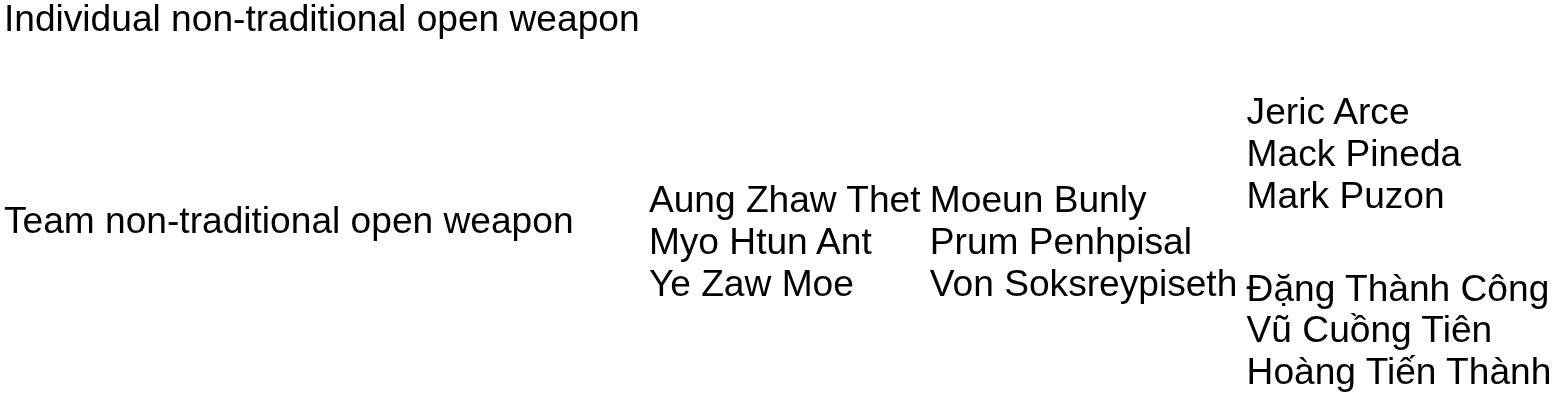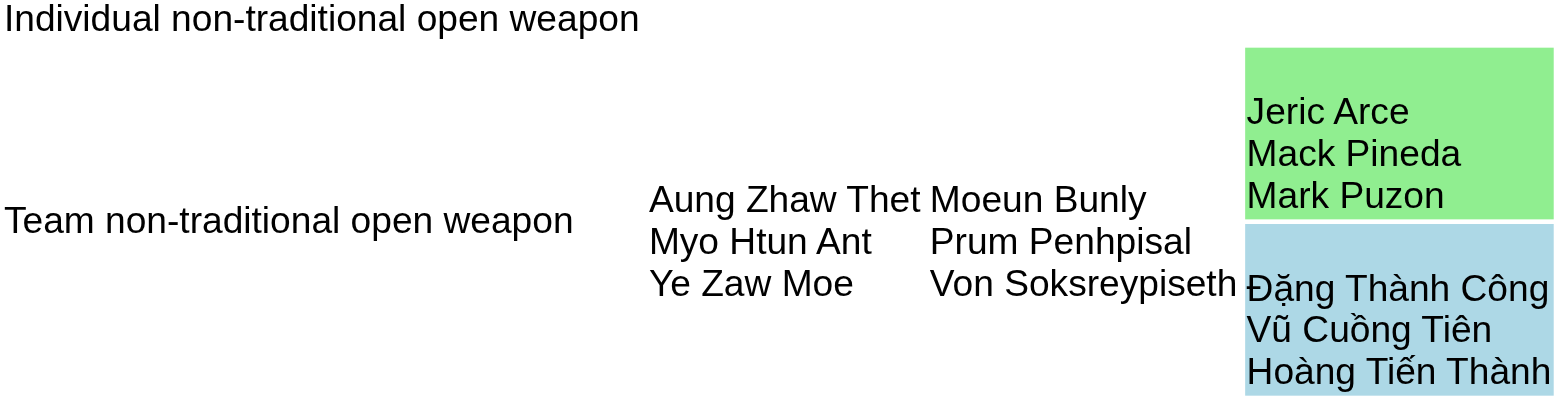 <table>
 <tr>
 <td rowspan=2>Individual non-traditional open weapon</td>
 <td rowspan=2></td>
 <td rowspan=2></td>
 <td></td>
 </tr>
 <tr>
 <td></td>
 </tr>
 <tr>
 <td rowspan=2>Team non-traditional open weapon</td>
 <td rowspan=2><br>Aung Zhaw Thet<br>Myo Htun Ant<br>Ye Zaw Moe</td>
 <td rowspan=2><br>Moeun Bunly<br>Prum Penhpisal<br>Von Soksreypiseth</td>
-<td><br>Jeric Arce<br>Mack Pineda<br>Mark Puzon</td>
+<td style="background: lightgreen;"><br>Jeric Arce<br>Mack Pineda<br>Mark Puzon</td>
 </tr>
 <tr>
-<td><br>Đặng Thành Công<br>Vũ Cuồng Tiên<br>Hoàng Tiến Thành</td>
+<td style="background: lightblue;"><br>Đặng Thành Công<br>Vũ Cuồng Tiên<br>Hoàng Tiến Thành</td>
 </tr>
 <tr>
 </tr>
 </table>
